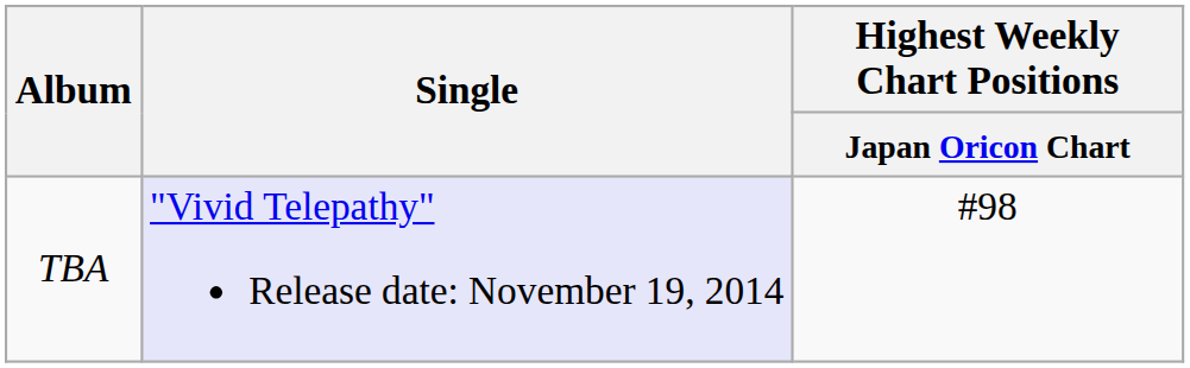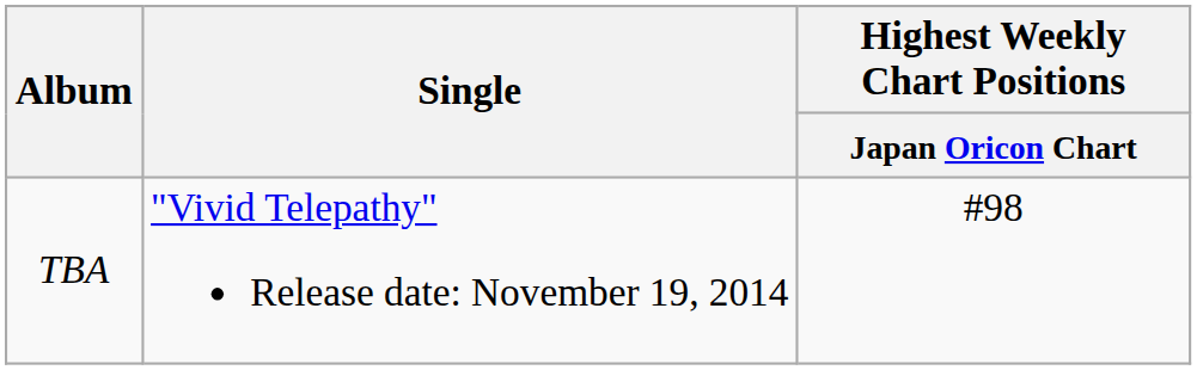 <table class="wikitable">
 <tr>
 <th style="text-align:center;" rowspan="2">Album</th>
 <th style="text-align:center;" rowspan="2">Single</th>
 <th style="text-align:center; width:150px;">Highest Weekly Chart Positions</th>
 </tr>
 <tr>
 <th 18 style="vertical-align:top; text-align:center; width:150px;"><small>Japan <a href='#'>Oricon</a> Chart</small></th>
 </tr>
 <tr>
 <td style="text-align:center;" rowspan="1"><em>TBA</em></td>
-<td style="background: lavender;"><a href='#'>"Vivid Telepathy"</a><br><ul><li>Release date: November 19, 2014</li></ul></td>
+<td><a href='#'>"Vivid Telepathy"</a><br><ul><li>Release date: November 19, 2014</li></ul></td>
 <td style="text-align:center; vertical-align:top;">#98</td>
 </tr>
 </table>
